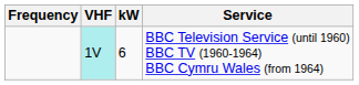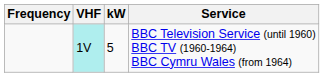 <table class="wikitable sortable">
 <tr>
 <th>Frequency</th>
 <th>VHF</th>
 <th>kW</th>
 <th>Service</th>
 </tr>
 <tr>
 <td></td>
 <td style="background: paleturquoise;">1V</td>
-<td>6</td>
+<td>5</td>
 <td><a href='#'>BBC Television Service</a> <small>(until 1960)</small><br><a href='#'>BBC TV</a> <small>(1960-1964)</small><br><a href='#'>BBC Cymru Wales</a> <small>(from 1964)</small></td>
 </tr>
 </table>
